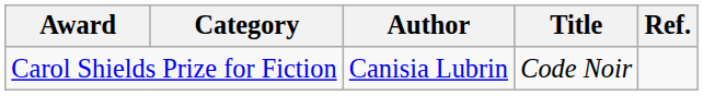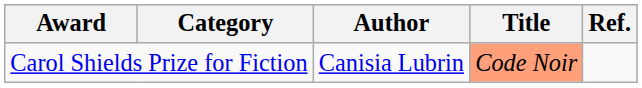 <table class="wikitable sortable mw-collapsible">
 <tr>
 <th>Award</th>
 <th>Category</th>
 <th>Author</th>
 <th>Title</th>
 <th>Ref.</th>
 </tr>
 <tr>
 <td colspan=2><a href='#'>Carol Shields Prize for Fiction</a></td>
 <td><a href='#'>Canisia Lubrin</a></td>
-<td><em>Code Noir</em></td>
+<td style="background: lightsalmon;"><em>Code Noir</em></td>
 <td></td>
 </tr>
 </table>
